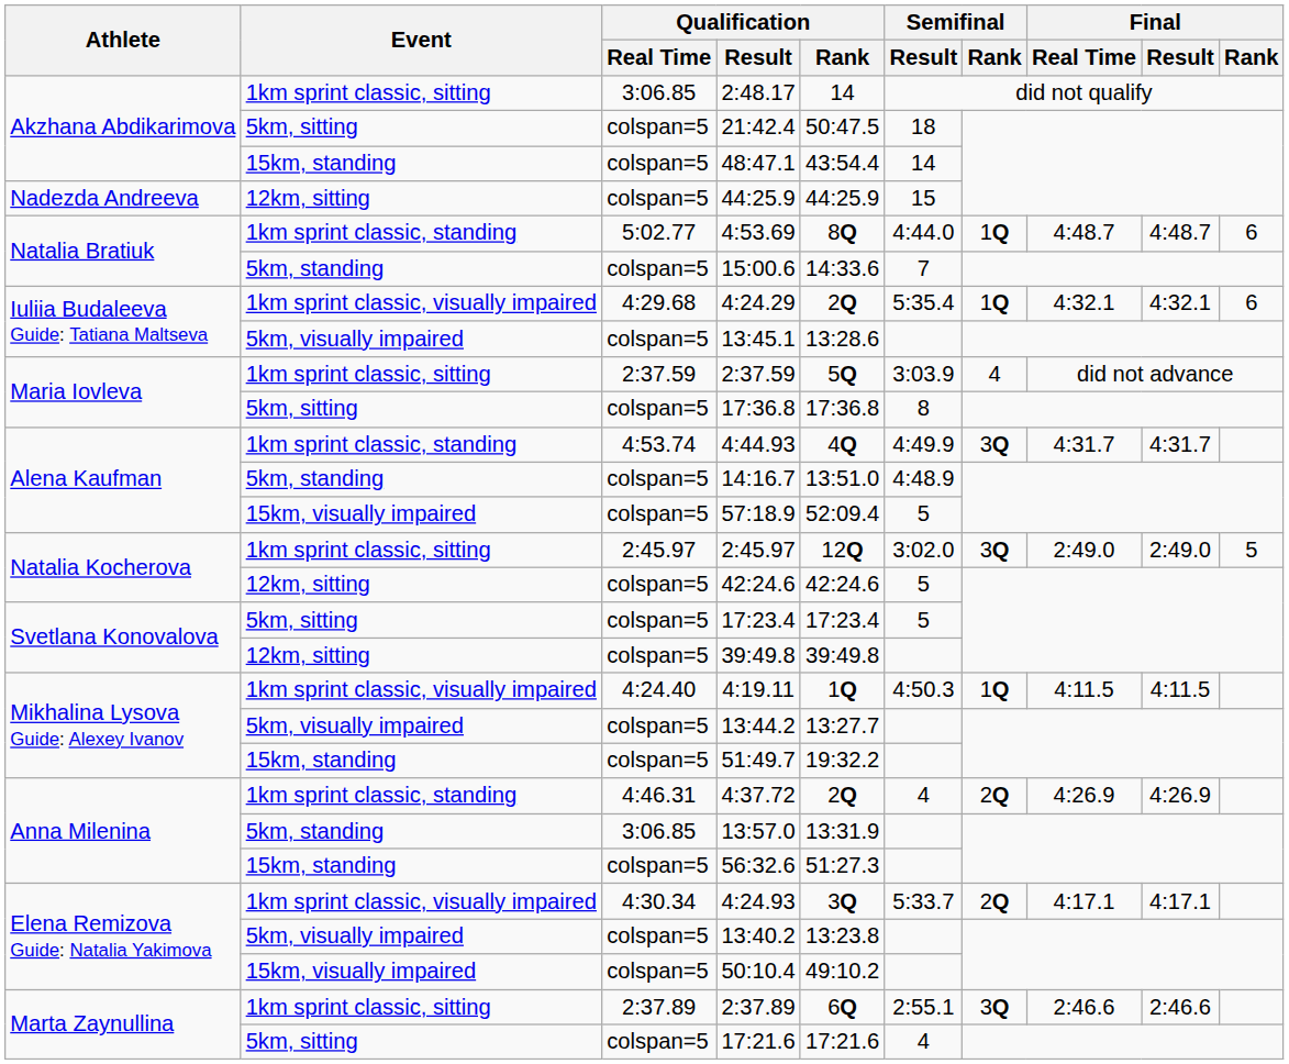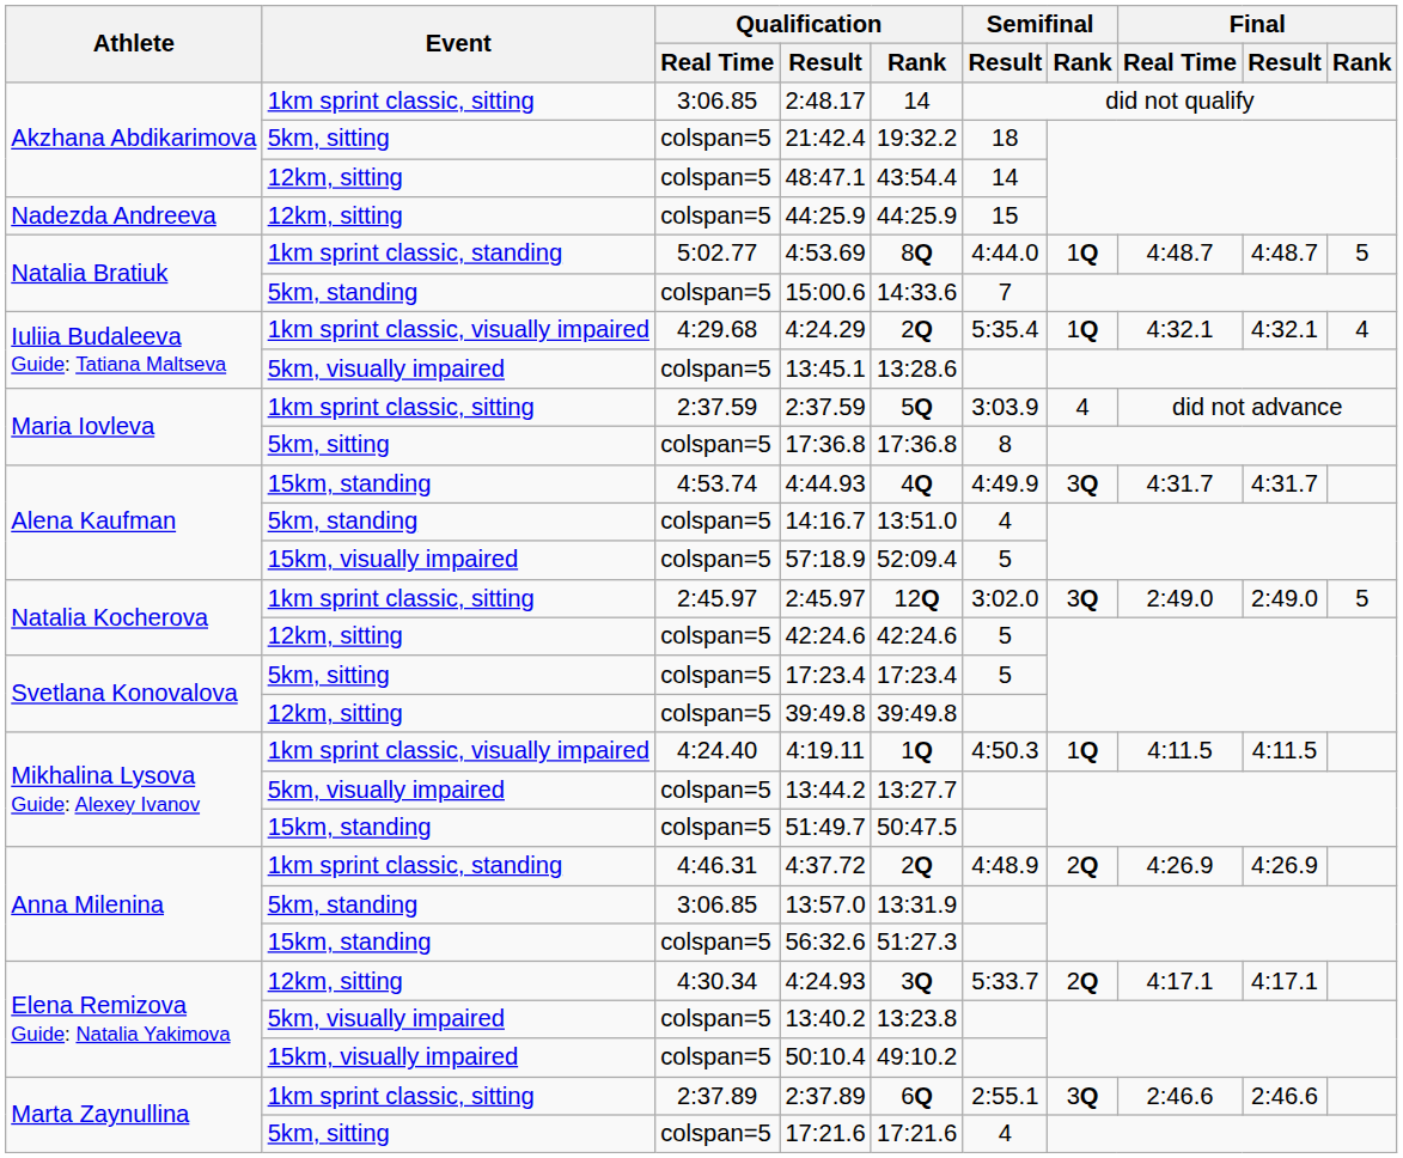 <table class="wikitable" style="font-size:100%">
 <tr>
 <th rowspan="2">Athlete</th>
 <th rowspan="2">Event</th>
 <th colspan="3">Qualification</th>
 <th colspan="2">Semifinal</th>
 <th colspan="3">Final</th>
 </tr>
 <tr>
 <th>Real Time</th>
 <th>Result</th>
 <th>Rank</th>
 <th>Result</th>
 <th>Rank</th>
 <th>Real Time</th>
 <th>Result</th>
 <th>Rank</th>
 </tr>
 <tr>
 <td rowspan=3><a href='#'>Akzhana Abdikarimova</a></td>
 <td><a href='#'>1km sprint classic, sitting</a></td>
 <td align="center">3:06.85</td>
 <td align="center">2:48.17</td>
 <td align="center">14</td>
 <td colspan=5 align="center">did not qualify</td>
 </tr>
 <tr>
 <td><a href='#'>5km, sitting</a></td>
 <td>colspan=5 </td>
 <td align="center">21:42.4</td>
-<td align="center">50:47.5</td>
+<td align="center">19:32.2</td>
 <td align="center">18</td>
 </tr>
 <tr>
-<td><a href='#'>15km, standing</a></td>
+<td><a href='#'>12km, sitting</a></td>
 <td>colspan=5 </td>
 <td align="center">48:47.1</td>
 <td align="center">43:54.4</td>
 <td align="center">14</td>
 </tr>
 <tr>
 <td><a href='#'>Nadezda Andreeva</a></td>
 <td><a href='#'>12km, sitting</a></td>
 <td>colspan=5 </td>
 <td align="center">44:25.9</td>
 <td align="center">44:25.9</td>
 <td align="center">15</td>
 </tr>
 <tr>
 <td rowspan=2><a href='#'>Natalia Bratiuk</a></td>
 <td><a href='#'>1km sprint classic, standing</a></td>
 <td align="center">5:02.77</td>
 <td align="center">4:53.69</td>
 <td align="center">8<strong>Q</strong></td>
 <td align="center">4:44.0</td>
 <td align="center">1<strong>Q</strong></td>
 <td align="center">4:48.7</td>
 <td align="center">4:48.7</td>
-<td align="center">6</td>
+<td align="center">5</td>
 </tr>
 <tr>
 <td><a href='#'>5km, standing</a></td>
 <td>colspan=5 </td>
 <td align="center">15:00.6</td>
 <td align="center">14:33.6</td>
 <td align="center">7</td>
 </tr>
 <tr>
 <td rowspan=2><a href='#'>Iuliia Budaleeva</a><br><small><a href='#'>Guide</a>: <a href='#'>Tatiana Maltseva</a></small></td>
 <td><a href='#'>1km sprint classic, visually impaired</a></td>
 <td align="center">4:29.68</td>
 <td align="center">4:24.29</td>
 <td align="center">2<strong>Q</strong></td>
 <td align="center">5:35.4</td>
 <td align="center">1<strong>Q</strong></td>
 <td align="center">4:32.1</td>
 <td align="center">4:32.1</td>
-<td align="center">6</td>
+<td align="center">4</td>
 </tr>
 <tr>
 <td><a href='#'>5km, visually impaired</a></td>
 <td>colspan=5 </td>
 <td align="center">13:45.1</td>
 <td align="center">13:28.6</td>
 <td align="center"></td>
 </tr>
 <tr>
 <td rowspan=2><a href='#'>Maria Iovleva</a></td>
 <td><a href='#'>1km sprint classic, sitting</a></td>
 <td align="center">2:37.59</td>
 <td align="center">2:37.59</td>
 <td align="center">5<strong>Q</strong></td>
 <td align="center">3:03.9</td>
 <td align="center">4</td>
 <td colspan=3 align="center">did not advance</td>
 </tr>
 <tr>
 <td><a href='#'>5km, sitting</a></td>
 <td>colspan=5 </td>
 <td align="center">17:36.8</td>
 <td align="center">17:36.8</td>
 <td align="center">8</td>
 </tr>
 <tr>
 <td rowspan=3><a href='#'>Alena Kaufman</a></td>
-<td><a href='#'>1km sprint classic, standing</a></td>
+<td><a href='#'>15km, standing</a></td>
 <td align="center">4:53.74</td>
 <td align="center">4:44.93</td>
 <td align="center">4<strong>Q</strong></td>
 <td align="center">4:49.9</td>
 <td align="center">3<strong>Q</strong></td>
 <td align="center">4:31.7</td>
 <td align="center">4:31.7</td>
 <td align="center"></td>
 </tr>
 <tr>
 <td><a href='#'>5km, standing</a></td>
 <td>colspan=5 </td>
 <td align="center">14:16.7</td>
 <td align="center">13:51.0</td>
-<td align="center">4:48.9</td>
+<td align="center">4</td>
 </tr>
 <tr>
 <td><a href='#'>15km, visually impaired</a></td>
 <td>colspan=5 </td>
 <td align="center">57:18.9</td>
 <td align="center">52:09.4</td>
 <td align="center">5</td>
 </tr>
 <tr>
 <td rowspan=2><a href='#'>Natalia Kocherova</a></td>
 <td><a href='#'>1km sprint classic, sitting</a></td>
 <td align="center">2:45.97</td>
 <td align="center">2:45.97</td>
 <td align="center">12<strong>Q</strong></td>
 <td align="center">3:02.0</td>
 <td align="center">3<strong>Q</strong></td>
 <td align="center">2:49.0</td>
 <td align="center">2:49.0</td>
 <td align="center">5</td>
 </tr>
 <tr>
 <td><a href='#'>12km, sitting</a></td>
 <td>colspan=5 </td>
 <td align="center">42:24.6</td>
 <td align="center">42:24.6</td>
 <td align="center">5</td>
 </tr>
 <tr>
 <td rowspan=2><a href='#'>Svetlana Konovalova</a></td>
 <td><a href='#'>5km, sitting</a></td>
 <td>colspan=5 </td>
 <td align="center">17:23.4</td>
 <td align="center">17:23.4</td>
 <td align="center">5</td>
 </tr>
 <tr>
 <td><a href='#'>12km, sitting</a></td>
 <td>colspan=5 </td>
 <td align="center">39:49.8</td>
 <td align="center">39:49.8</td>
 <td align="center"></td>
 </tr>
 <tr>
 <td rowspan=3><a href='#'>Mikhalina Lysova</a><br><small><a href='#'>Guide</a>: <a href='#'>Alexey Ivanov</a></small></td>
 <td><a href='#'>1km sprint classic, visually impaired</a></td>
 <td align="center">4:24.40</td>
 <td align="center">4:19.11</td>
 <td align="center">1<strong>Q</strong></td>
 <td align="center">4:50.3</td>
 <td align="center">1<strong>Q</strong></td>
 <td align="center">4:11.5</td>
 <td align="center">4:11.5</td>
 <td align="center"></td>
 </tr>
 <tr>
 <td><a href='#'>5km, visually impaired</a></td>
 <td>colspan=5 </td>
 <td align="center">13:44.2</td>
 <td align="center">13:27.7</td>
 <td align="center"></td>
 </tr>
 <tr>
 <td><a href='#'>15km, standing</a></td>
 <td>colspan=5 </td>
 <td align="center">51:49.7</td>
-<td align="center">19:32.2</td>
+<td align="center">50:47.5</td>
 <td align="center"></td>
 </tr>
 <tr>
 <td rowspan=3><a href='#'>Anna Milenina</a></td>
 <td><a href='#'>1km sprint classic, standing</a></td>
 <td align="center">4:46.31</td>
 <td align="center">4:37.72</td>
 <td align="center">2<strong>Q</strong></td>
-<td align="center">4</td>
+<td align="center">4:48.9</td>
 <td align="center">2<strong>Q</strong></td>
 <td align="center">4:26.9</td>
 <td align="center">4:26.9</td>
 <td align="center"></td>
 </tr>
 <tr>
 <td><a href='#'>5km, standing</a></td>
 <td align="center">3:06.85</td>
 <td align="center">13:57.0</td>
 <td align="center">13:31.9</td>
 <td align="center"></td>
 </tr>
 <tr>
 <td><a href='#'>15km, standing</a></td>
 <td>colspan=5 </td>
 <td align="center">56:32.6</td>
 <td align="center">51:27.3</td>
 <td align="center"></td>
 </tr>
 <tr>
 <td rowspan=3><a href='#'>Elena Remizova</a><br><small><a href='#'>Guide</a>: <a href='#'>Natalia Yakimova</a></small></td>
-<td><a href='#'>1km sprint classic, visually impaired</a></td>
+<td><a href='#'>12km, sitting</a></td>
 <td align="center">4:30.34</td>
 <td align="center">4:24.93</td>
 <td align="center">3<strong>Q</strong></td>
 <td align="center">5:33.7</td>
 <td align="center">2<strong>Q</strong></td>
 <td align="center">4:17.1</td>
 <td align="center">4:17.1</td>
 <td align="center"></td>
 </tr>
 <tr>
 <td><a href='#'>5km, visually impaired</a></td>
 <td>colspan=5 </td>
 <td align="center">13:40.2</td>
 <td align="center">13:23.8</td>
 <td align="center"></td>
 </tr>
 <tr>
 <td><a href='#'>15km, visually impaired</a></td>
 <td>colspan=5 </td>
 <td align="center">50:10.4</td>
 <td align="center">49:10.2</td>
 <td align="center"></td>
 </tr>
 <tr>
 <td rowspan=2><a href='#'>Marta Zaynullina</a></td>
 <td><a href='#'>1km sprint classic, sitting</a></td>
 <td align="center">2:37.89</td>
 <td align="center">2:37.89</td>
 <td align="center">6<strong>Q</strong></td>
 <td align="center">2:55.1</td>
 <td align="center">3<strong>Q</strong></td>
 <td align="center">2:46.6</td>
 <td align="center">2:46.6</td>
 <td align="center"></td>
 </tr>
 <tr>
 <td><a href='#'>5km, sitting</a></td>
 <td>colspan=5 </td>
 <td align="center">17:21.6</td>
 <td align="center">17:21.6</td>
 <td align="center">4</td>
 </tr>
 </table>
